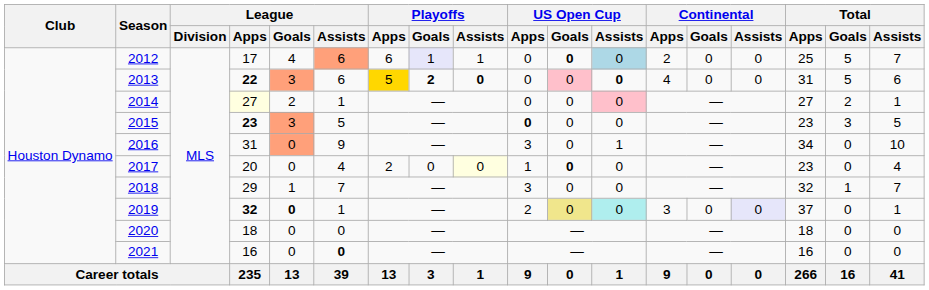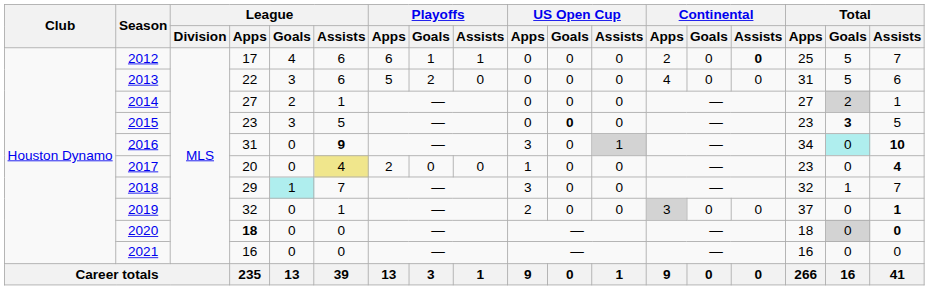 <table class="wikitable" style="text-align: center">
 <tr>
 <th rowspan="2">Club</th>
 <th rowspan="2">Season</th>
 <th colspan="4">League</th>
 <th colspan="3"><a href='#'>Playoffs</a></th>
 <th colspan="3"><a href='#'>US Open Cup</a></th>
 <th colspan="3"><a href='#'>Continental</a></th>
 <th colspan="3">Total</th>
 </tr>
 <tr>
 <th>Division</th>
 <th>Apps</th>
 <th>Goals</th>
 <th>Assists</th>
 <th>Apps</th>
 <th>Goals</th>
 <th>Assists</th>
 <th>Apps</th>
 <th>Goals</th>
 <th>Assists</th>
 <th>Apps</th>
 <th>Goals</th>
 <th>Assists</th>
 <th>Apps</th>
 <th>Goals</th>
 <th>Assists</th>
 </tr>
 <tr>
 <td rowspan="10"><a href='#'>Houston Dynamo</a></td>
 <td><a href='#'>2012</a></td>
 <td rowspan="10"><a href='#'>MLS</a></td>
 <td>17</td>
 <td>4</td>
-<td style="background: lightsalmon;">6</td>
 <td>6</td>
-<td style="background: lavender;">1</td>
+<td>6</td>
+<td>1</td>
 <td>1</td>
 <td>0</td>
-<td><strong>0</strong></td>
-<td style="background: lightblue;">0</td>
+<td>0</td>
+<td>0</td>
 <td>2</td>
 <td>0</td>
-<td>0</td>
+<td><strong>0</strong></td>
 <td>25</td>
 <td>5</td>
 <td>7</td>
 </tr>
 <tr>
 <td><a href='#'>2013</a></td>
-<td><strong>22</strong></td>
-<td style="background: lightsalmon;">3</td>
+<td>22</td>
+<td>3</td>
 <td>6</td>
-<td style="background: gold;">5</td>
-<td><strong>2</strong></td>
-<td><strong>0</strong></td>
+<td>5</td>
+<td>2</td>
 <td>0</td>
-<td style="background: pink;">0</td>
-<td><strong>0</strong></td>
+<td>0</td>
+<td>0</td>
+<td>0</td>
 <td>4</td>
 <td>0</td>
 <td>0</td>
 <td>31</td>
 <td>5</td>
 <td>6</td>
 </tr>
 <tr>
 <td><a href='#'>2014</a></td>
-<td style="background: lightyellow;">27</td>
+<td>27</td>
 <td>2</td>
 <td>1</td>
 <td colspan="3">—</td>
 <td>0</td>
 <td>0</td>
-<td style="background: pink;">0</td>
+<td>0</td>
 <td colspan="3">—</td>
 <td>27</td>
-<td>2</td>
+<td style="background: lightgrey;">2</td>
 <td>1</td>
 </tr>
 <tr>
 <td><a href='#'>2015</a></td>
-<td><strong>23</strong></td>
-<td style="background: lightsalmon;">3</td>
+<td>23</td>
+<td>3</td>
 <td>5</td>
 <td colspan="3">—</td>
+<td>0</td>
 <td><strong>0</strong></td>
-<td>0</td>
 <td>0</td>
 <td colspan="3">—</td>
 <td>23</td>
-<td>3</td>
+<td><strong>3</strong></td>
 <td>5</td>
 </tr>
 <tr>
 <td><a href='#'>2016</a></td>
 <td>31</td>
-<td style="background: lightsalmon;">0</td>
-<td>9</td>
+<td>0</td>
+<td><strong>9</strong></td>
 <td colspan="3">—</td>
 <td>3</td>
 <td>0</td>
-<td>1</td>
+<td style="background: lightgrey;">1</td>
 <td colspan="3">—</td>
 <td>34</td>
-<td>0</td>
-<td>10</td>
+<td style="background: paleturquoise;">0</td>
+<td><strong>10</strong></td>
 </tr>
 <tr>
 <td><a href='#'>2017</a></td>
 <td>20</td>
 <td>0</td>
-<td>4</td>
+<td style="background: khaki;">4</td>
 <td>2</td>
 <td>0</td>
-<td style="background: lightyellow;">0</td>
+<td>0</td>
 <td>1</td>
-<td><strong>0</strong></td>
+<td>0</td>
 <td>0</td>
 <td colspan="3">—</td>
 <td>23</td>
 <td>0</td>
-<td>4</td>
+<td><strong>4</strong></td>
 </tr>
 <tr>
 <td><a href='#'>2018</a></td>
 <td>29</td>
-<td>1</td>
+<td style="background: paleturquoise;">1</td>
 <td>7</td>
 <td colspan="3">—</td>
 <td>3</td>
 <td>0</td>
 <td>0</td>
 <td colspan="3">—</td>
 <td>32</td>
 <td>1</td>
 <td>7</td>
 </tr>
 <tr>
 <td><a href='#'>2019</a></td>
-<td><strong>32</strong></td>
-<td><strong>0</strong></td>
+<td>32</td>
+<td>0</td>
 <td>1</td>
 <td colspan="3">—</td>
 <td>2</td>
-<td style="background: khaki;">0</td>
-<td style="background: paleturquoise;">0</td>
-<td>3</td>
 <td>0</td>
-<td style="background: lavender;">0</td>
+<td>0</td>
+<td style="background: lightgrey;">3</td>
+<td>0</td>
+<td>0</td>
 <td>37</td>
 <td>0</td>
-<td>1</td>
+<td><strong>1</strong></td>
 </tr>
 <tr>
 <td><a href='#'>2020</a></td>
-<td>18</td>
+<td><strong>18</strong></td>
 <td>0</td>
 <td>0</td>
 <td colspan="3">—</td>
 <td colspan="3">—</td>
 <td colspan="3">—</td>
 <td>18</td>
-<td>0</td>
-<td>0</td>
+<td style="background: lightgrey;">0</td>
+<td><strong>0</strong></td>
 </tr>
 <tr>
 <td><a href='#'>2021</a></td>
 <td>16</td>
 <td>0</td>
-<td><strong>0</strong></td>
+<td>0</td>
 <td colspan="3">—</td>
 <td colspan="3">—</td>
 <td colspan="3">—</td>
 <td>16</td>
 <td>0</td>
 <td>0</td>
 </tr>
 <tr>
 <th colspan="3">Career totals</th>
 <th>235</th>
 <th>13</th>
 <th>39</th>
 <th>13</th>
 <th>3</th>
 <th>1</th>
 <th>9</th>
 <th>0</th>
 <th>1</th>
 <th>9</th>
 <th>0</th>
 <th>0</th>
 <th>266</th>
 <th>16</th>
 <th>41</th>
 </tr>
 </table>
